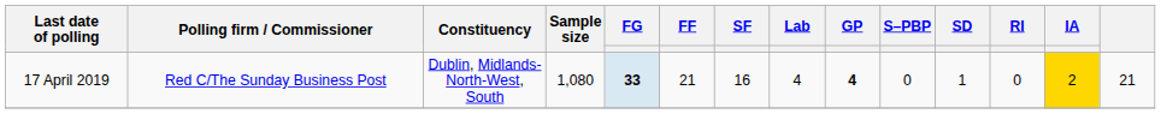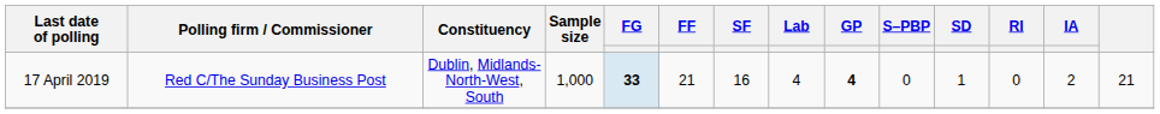 <table class="wikitable sortable collapsible" style="text-align:center;font-size:95%;">
 <tr style="height:42px;">
 <th style="width:120px;" rowspan="2">Last date<br>of polling</th>
 <th style="width:300px;" rowspan="2">Polling firm / Commissioner</th>
 <th style="width:120px;" rowspan="2">Constituency</th>
 <th class="unsortable" style="width:50px;" rowspan="2">Sample<br>size</th>
 <th class="unsortable" style="width:50px;"><a href='#'>FG</a></th>
 <th class="unsortable" style="width:50px;"><a href='#'>FF</a></th>
 <th class="unsortable" style="width:50px;"><a href='#'>SF</a></th>
 <th class="unsortable" style="width:50px;"><a href='#'>Lab</a></th>
 <th class="unsortable" style="width:50px;"><a href='#'>GP</a></th>
 <th class="unsortable" style="width:50px;"><a href='#'>S–PBP</a></th>
 <th class="unsortable" style="width:50px;"><a href='#'>SD</a></th>
 <th class="unsortable" style="width:50px;"><a href='#'>RI</a></th>
 <th class="unsortable" style="width:50px;"><a href='#'>IA</a></th>
 <th class="unsortable" style="width:50px;" rowspan="2"></th>
 </tr>
 <tr>
 <th style="color:inherit;background:"></th>
 <th style="color:inherit;background:"></th>
 <th style="color:inherit;background:"></th>
 <th style="color:inherit;background:"></th>
 <th style="color:inherit;background:"></th>
 <th style="color:inherit;background:"></th>
 <th style="color:inherit;background:"></th>
 <th style="color:inherit;background:"></th>
 <th style="color:inherit;background:"></th>
 </tr>
 <tr>
 <td>17 April 2019</td>
 <td data-sort-value="RedC1"><a href='#'>Red C/The Sunday Business Post</a></td>
 <td><a href='#'>Dublin</a>, <a href='#'>Midlands-North-West</a>, <a href='#'>South</a></td>
-<td>1,080</td>
+<td>1,000</td>
 <td style="background:#D9E9F4"><strong>33</strong></td>
 <td>21</td>
 <td>16</td>
 <td>4</td>
 <td><strong>4</strong></td>
 <td>0</td>
 <td>1</td>
 <td>0</td>
-<td style="background: gold;">2</td>
+<td>2</td>
 <td>21</td>
 </tr>
 <tr>
 </tr>
 </table>
